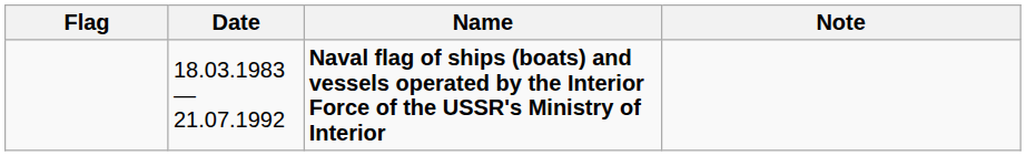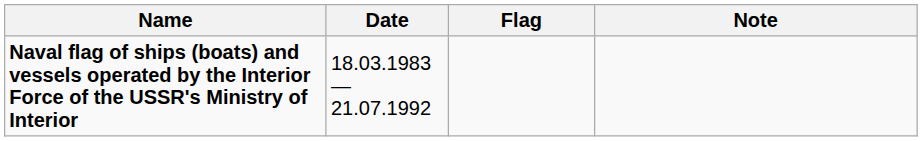 <table class="wikitable">
 <tr>
+<th width="250">Name</th>
+<th width="90">Date</th>
 <th width="110">Flag</th>
-<th width="90">Date</th>
-<th width="250">Name</th>
 <th width="250">Note</th>
 </tr>
 <tr>
+<td><strong>Naval flag of ships (boats) and vessels operated by the Interior Force of the USSR's Ministry of Interior</strong></td>
+<td>18.03.1983 — 21.07.1992</td>
 <td></td>
-<td>18.03.1983 — 21.07.1992</td>
-<td><strong>Naval flag of ships (boats) and vessels operated by the Interior Force of the USSR's Ministry of Interior</strong></td>
 <td></td>
 </tr>
 </table>
